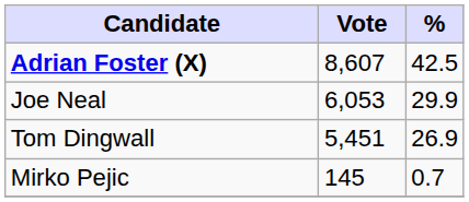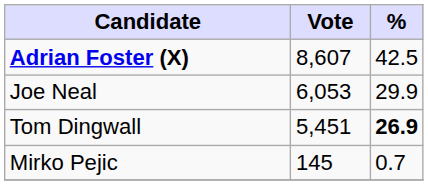 <table class="wikitable">
 <tr>
 <th style="background:#ddf; width:200px;">Candidate</th>
 <th style="background:#ddf; width:50px;">Vote</th>
 <th style="background:#ddf; width:30px;">%</th>
 </tr>
 <tr>
 <td><strong><a href='#'>Adrian Foster</a> (X)</strong></td>
 <td>8,607</td>
 <td>42.5</td>
 </tr>
 <tr>
 <td>Joe Neal</td>
 <td>6,053</td>
 <td>29.9</td>
 </tr>
 <tr>
 <td>Tom Dingwall</td>
 <td>5,451</td>
-<td>26.9</td>
+<td><strong>26.9</strong></td>
 </tr>
 <tr>
 <td>Mirko Pejic</td>
 <td>145</td>
 <td>0.7</td>
 </tr>
 <tr>
 </tr>
 </table>
